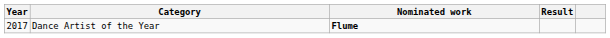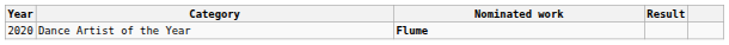 <table class="wikitable plainrowheaders" style="width:70%;">
 <tr>
 <th scope="col" style="width:4%;">Year</th>
 <th scope="col" style="width:50%;">Category</th>
 <th scope="col" style="width:35%;">Nominated work</th>
 <th scope="col" style="width:6%;">Result</th>
 <th scope="col" style="width:6%;"></th>
 </tr>
 <tr>
-<td>2017</td>
+<td>2020</td>
 <td>Dance Artist of the Year</td>
 <td><strong>Flume</strong></td>
 <td></td>
 <td></td>
 </tr>
 </table>
